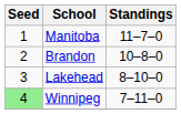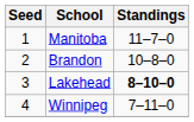 <table class="wikitable">
 <tr>
 <th>Seed</th>
 <th>School</th>
 <th>Standings</th>
 </tr>
 <tr>
 <td align=center>1</td>
 <td><a href='#'>Manitoba</a></td>
 <td align=center>11–7–0</td>
 </tr>
 <tr>
 <td align=center>2</td>
 <td><a href='#'>Brandon</a></td>
 <td align=center>10–8–0</td>
 </tr>
 <tr>
 <td align=center>3</td>
 <td><a href='#'>Lakehead</a></td>
-<td align=center>8–10–0</td>
+<td align=center><strong>8–10–0</strong></td>
 </tr>
 <tr>
-<td align=center style="background: lightgreen;">4</td>
+<td align=center>4</td>
 <td><a href='#'>Winnipeg</a></td>
 <td align=center>7–11–0</td>
 </tr>
 <tr>
 </tr>
 </table>
